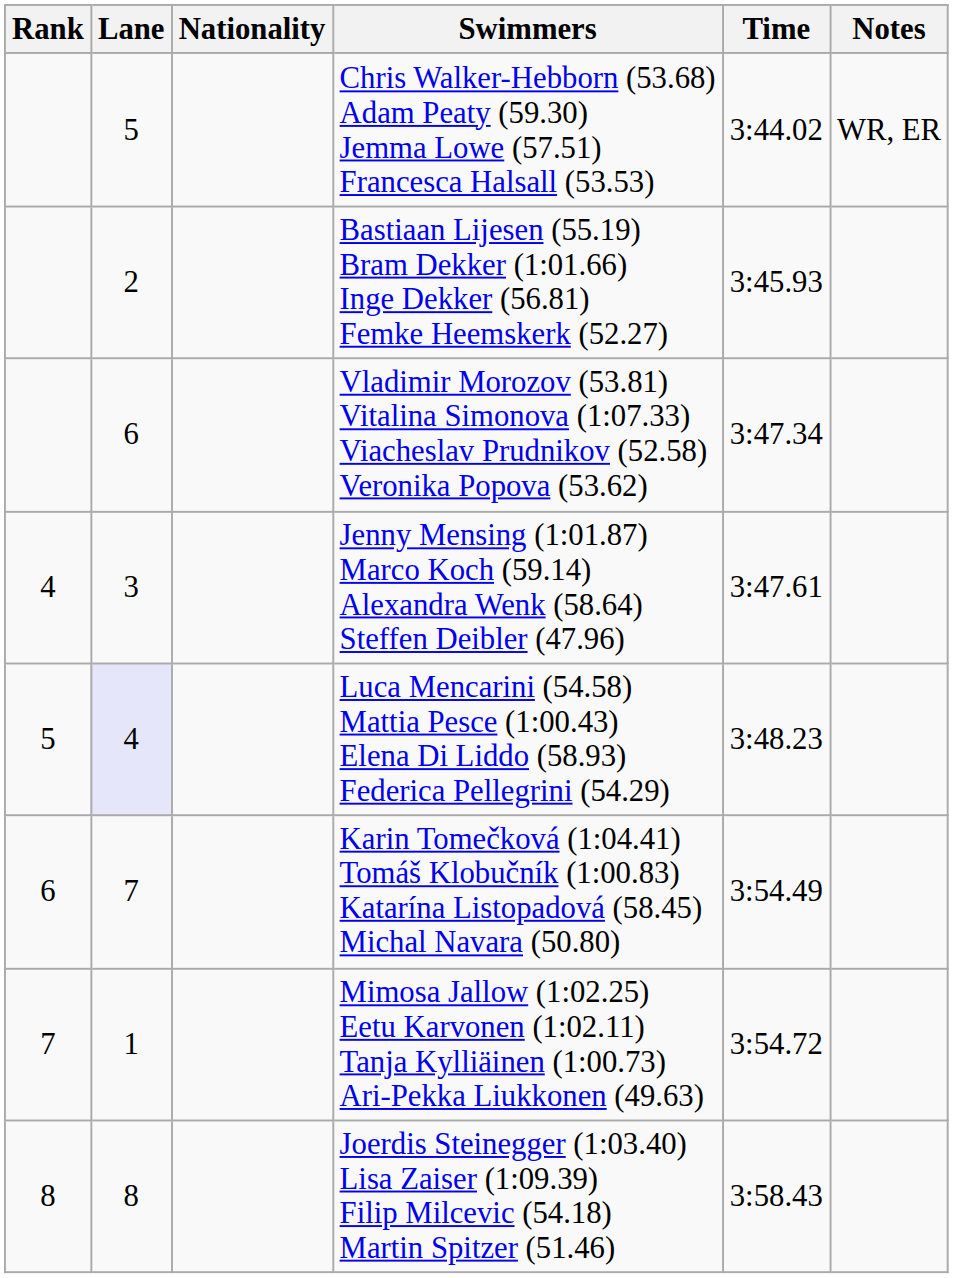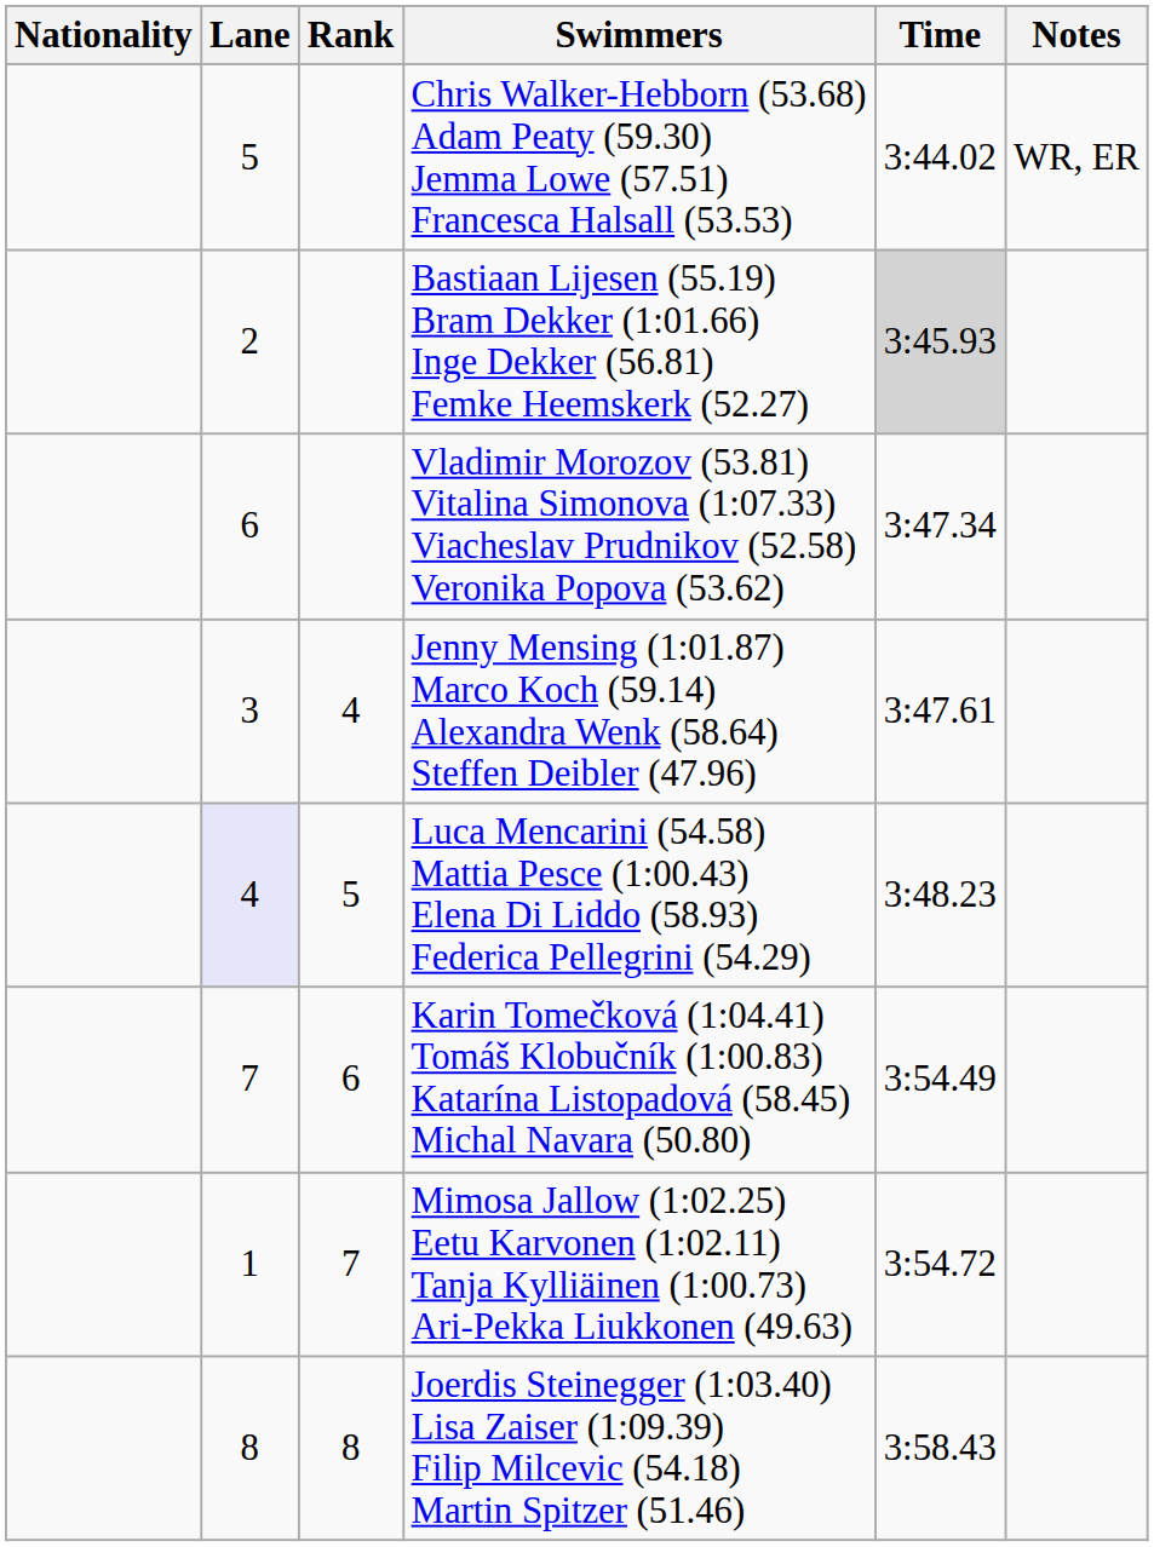 <table class="wikitable sortable" style="text-align:center">
 <tr>
+<th>Nationality</th>
+<th>Lane</th>
 <th>Rank</th>
-<th>Lane</th>
-<th>Nationality</th>
 <th>Swimmers</th>
 <th>Time</th>
 <th>Notes</th>
 </tr>
 <tr>
+<td align=left></td>
+<td>5</td>
 <td></td>
-<td>5</td>
-<td align=left></td>
 <td align=left><a href='#'>Chris Walker-Hebborn</a> (53.68)<br><a href='#'>Adam Peaty</a> (59.30)<br><a href='#'>Jemma Lowe</a> (57.51)<br><a href='#'>Francesca Halsall</a> (53.53)</td>
 <td>3:44.02</td>
 <td>WR, ER</td>
 </tr>
 <tr>
+<td align=left></td>
+<td>2</td>
 <td></td>
-<td>2</td>
-<td align=left></td>
 <td align=left><a href='#'>Bastiaan Lijesen</a> (55.19)<br><a href='#'>Bram Dekker</a> (1:01.66)<br><a href='#'>Inge Dekker</a> (56.81)<br><a href='#'>Femke Heemskerk</a> (52.27)</td>
-<td>3:45.93</td>
+<td style="background: lightgrey;">3:45.93</td>
 <td></td>
 </tr>
 <tr>
+<td align=left></td>
+<td>6</td>
 <td></td>
-<td>6</td>
-<td align=left></td>
 <td align=left><a href='#'>Vladimir Morozov</a> (53.81)<br><a href='#'>Vitalina Simonova</a> (1:07.33)<br><a href='#'>Viacheslav Prudnikov</a> (52.58)<br><a href='#'>Veronika Popova</a> (53.62)</td>
 <td>3:47.34</td>
 <td></td>
 </tr>
 <tr>
+<td align=left></td>
+<td>3</td>
 <td>4</td>
-<td>3</td>
-<td align=left></td>
 <td align=left><a href='#'>Jenny Mensing</a> (1:01.87)<br><a href='#'>Marco Koch</a> (59.14)<br><a href='#'>Alexandra Wenk</a> (58.64)<br><a href='#'>Steffen Deibler</a> (47.96)</td>
 <td>3:47.61</td>
 <td></td>
 </tr>
 <tr>
+<td align=left></td>
+<td style="background: lavender;">4</td>
 <td>5</td>
-<td style="background: lavender;">4</td>
-<td align=left></td>
 <td align=left><a href='#'>Luca Mencarini</a> (54.58)<br><a href='#'>Mattia Pesce</a> (1:00.43)<br><a href='#'>Elena Di Liddo</a> (58.93)<br><a href='#'>Federica Pellegrini</a> (54.29)</td>
 <td>3:48.23</td>
 <td></td>
 </tr>
 <tr>
+<td align=left></td>
+<td>7</td>
 <td>6</td>
-<td>7</td>
-<td align=left></td>
 <td align=left><a href='#'>Karin Tomečková</a> (1:04.41)<br><a href='#'>Tomáš Klobučník</a> (1:00.83)<br><a href='#'>Katarína Listopadová</a> (58.45)<br><a href='#'>Michal Navara</a> (50.80)</td>
 <td>3:54.49</td>
 <td></td>
 </tr>
 <tr>
+<td align=left></td>
+<td>1</td>
 <td>7</td>
-<td>1</td>
-<td align=left></td>
 <td align=left><a href='#'>Mimosa Jallow</a> (1:02.25)<br><a href='#'>Eetu Karvonen</a> (1:02.11)<br><a href='#'>Tanja Kylliäinen</a> (1:00.73)<br><a href='#'>Ari-Pekka Liukkonen</a> (49.63)</td>
 <td>3:54.72</td>
 <td></td>
 </tr>
 <tr>
+<td align=left></td>
 <td>8</td>
 <td>8</td>
-<td align=left></td>
 <td align=left><a href='#'>Joerdis Steinegger</a> (1:03.40)<br><a href='#'>Lisa Zaiser</a> (1:09.39)<br><a href='#'>Filip Milcevic</a> (54.18)<br><a href='#'>Martin Spitzer</a> (51.46)</td>
 <td>3:58.43</td>
 <td></td>
 </tr>
 </table>
